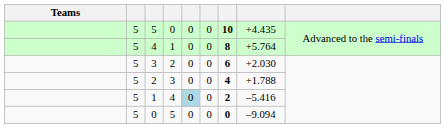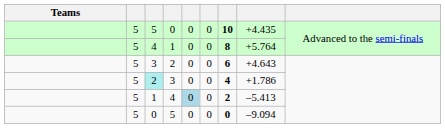 <table class="wikitable" style="text-align:center">
 <tr>
 <th style="width:175px;">Teams</th>
 <th style="width:20px;"></th>
 <th style="width:20px;"></th>
 <th style="width:20px;"></th>
 <th style="width:20px;"></th>
 <th style="width:20px;"></th>
 <th style="width:20px;"></th>
 <th style="width:65px;"></th>
 <th style="width:225px;"></th>
 </tr>
 <tr style="background:#cfc;">
 <td style="text-align:left"></td>
 <td>5</td>
 <td>5</td>
 <td>0</td>
 <td>0</td>
 <td>0</td>
 <td><strong>10</strong></td>
 <td>+4.435</td>
 <td rowspan="2">Advanced to the <a href='#'>semi-finals</a></td>
 </tr>
 <tr style="background:#cfc;">
 <td style="text-align:left"></td>
 <td>5</td>
 <td>4</td>
 <td>1</td>
 <td>0</td>
 <td>0</td>
 <td><strong>8</strong></td>
 <td>+5.764</td>
 </tr>
 <tr>
 <td style="text-align:left"></td>
 <td>5</td>
 <td>3</td>
 <td>2</td>
 <td>0</td>
 <td>0</td>
 <td><strong>6</strong></td>
-<td>+2.030</td>
+<td>+4.643</td>
 <td rowspan="4"></td>
 </tr>
 <tr>
 <td style="text-align:left"></td>
 <td>5</td>
-<td>2</td>
+<td style="background: paleturquoise;">2</td>
 <td>3</td>
 <td>0</td>
 <td>0</td>
 <td><strong>4</strong></td>
-<td>+1.788</td>
+<td>+1.786</td>
 </tr>
 <tr>
 <td style="text-align:left"></td>
 <td>5</td>
 <td>1</td>
 <td>4</td>
 <td style="background: lightblue;">0</td>
 <td>0</td>
 <td><strong>2</strong></td>
-<td>–5.416</td>
+<td>–5.413</td>
 </tr>
 <tr>
 <td style="text-align:left"></td>
 <td>5</td>
 <td>0</td>
 <td>5</td>
 <td>0</td>
 <td>0</td>
 <td><strong>0</strong></td>
 <td>–9.094</td>
 </tr>
 </table>
